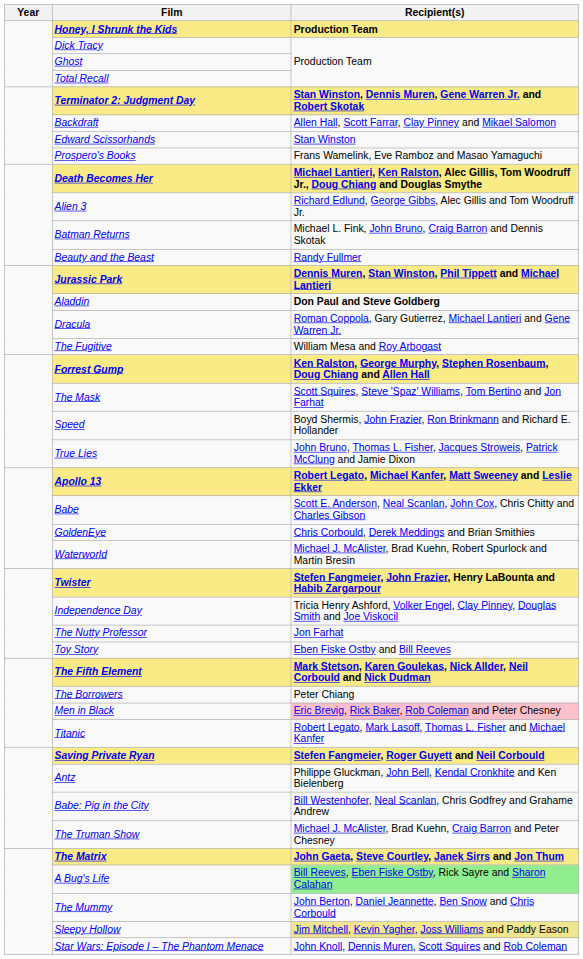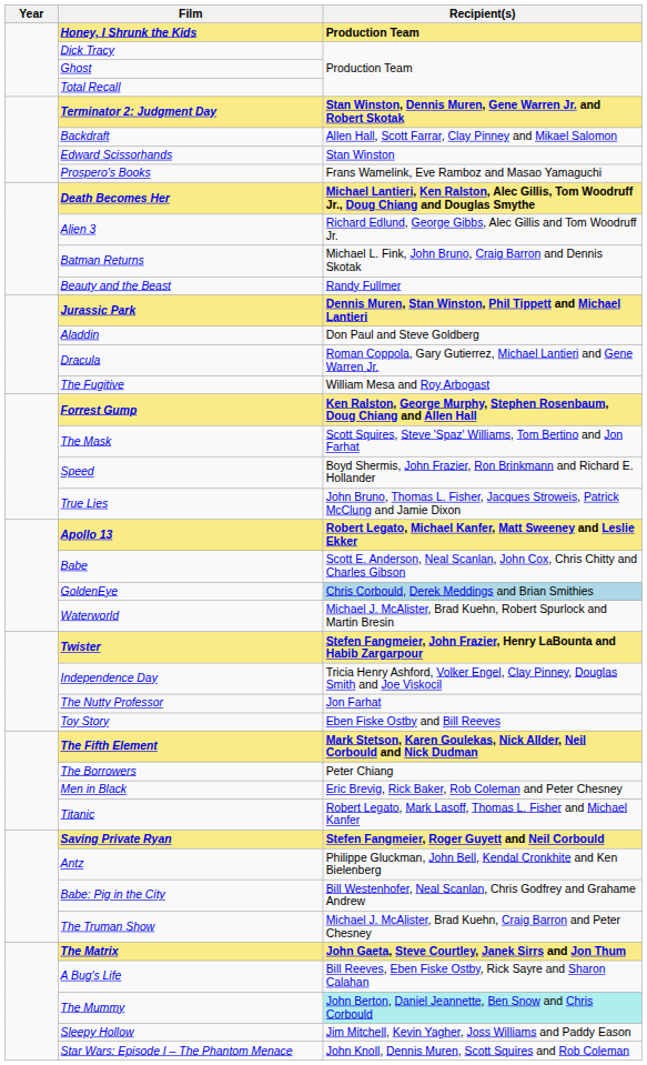 <table class="wikitable" style="width:100%;" cellpadding="5">
 <tr>
 <th style="width:5%;">Year</th>
 <th style="width:25%;">Film</th>
 <th style="width:30%;">Recipient(s)</th>
 </tr>
 <tr>
 <td rowspan="4"></td>
 <td style="background:#FAEB86"><strong><em><a href='#'>Honey, I Shrunk the Kids</a></em></strong></td>
 <td style="background:#FAEB86"><strong>Production Team</strong></td>
 </tr>
 <tr>
 <td><em><a href='#'>Dick Tracy</a></em></td>
 <td rowspan="3">Production Team</td>
 </tr>
 <tr>
 <td><em><a href='#'>Ghost</a></em></td>
 </tr>
 <tr>
 <td><em><a href='#'>Total Recall</a></em></td>
 </tr>
 <tr>
 <td rowspan="4"></td>
 <td style="background:#FAEB86"><strong><em><a href='#'>Terminator 2: Judgment Day</a></em></strong></td>
 <td style="background:#FAEB86"><strong><a href='#'>Stan Winston</a>, <a href='#'>Dennis Muren</a>, <a href='#'>Gene Warren Jr.</a> and <a href='#'>Robert Skotak</a></strong></td>
 </tr>
 <tr>
 <td><em><a href='#'>Backdraft</a></em></td>
 <td><a href='#'>Allen Hall</a>, <a href='#'>Scott Farrar</a>, <a href='#'>Clay Pinney</a> and <a href='#'>Mikael Salomon</a></td>
 </tr>
 <tr>
 <td><em><a href='#'>Edward Scissorhands</a></em></td>
 <td><a href='#'>Stan Winston</a></td>
 </tr>
 <tr>
 <td><em><a href='#'>Prospero's Books</a></em></td>
 <td>Frans Wamelink, Eve Ramboz and Masao Yamaguchi</td>
 </tr>
 <tr>
 <td rowspan="4"></td>
 <td style="background:#FAEB86"><strong><em><a href='#'>Death Becomes Her</a></em></strong></td>
 <td style="background:#FAEB86"><strong><a href='#'>Michael Lantieri</a>, <a href='#'>Ken Ralston</a>, Alec Gillis, Tom Woodruff Jr., <a href='#'>Doug Chiang</a> and Douglas Smythe</strong></td>
 </tr>
 <tr>
 <td><em><a href='#'>Alien 3</a></em></td>
 <td><a href='#'>Richard Edlund</a>, <a href='#'>George Gibbs</a>, Alec Gillis and Tom Woodruff Jr.</td>
 </tr>
 <tr>
 <td><em><a href='#'>Batman Returns</a></em></td>
 <td>Michael L. Fink, <a href='#'>John Bruno</a>, <a href='#'>Craig Barron</a> and Dennis Skotak</td>
 </tr>
 <tr>
 <td><em><a href='#'>Beauty and the Beast</a></em></td>
 <td><a href='#'>Randy Fullmer</a></td>
 </tr>
 <tr>
 <td rowspan="4"></td>
 <td style="background:#FAEB86"><strong><em><a href='#'>Jurassic Park</a></em></strong></td>
 <td style="background:#FAEB86"><strong><a href='#'>Dennis Muren</a>, <a href='#'>Stan Winston</a>, <a href='#'>Phil Tippett</a> and <a href='#'>Michael Lantieri</a></strong></td>
 </tr>
 <tr>
 <td><em><a href='#'>Aladdin</a></em></td>
-<td><strong>Don Paul and Steve Goldberg</strong></td>
+<td>Don Paul and Steve Goldberg</td>
 </tr>
 <tr>
 <td><em><a href='#'>Dracula</a></em></td>
 <td><a href='#'>Roman Coppola</a>, Gary Gutierrez, <a href='#'>Michael Lantieri</a> and <a href='#'>Gene Warren Jr.</a></td>
 </tr>
 <tr>
 <td><em><a href='#'>The Fugitive</a></em></td>
 <td>William Mesa and <a href='#'>Roy Arbogast</a></td>
 </tr>
 <tr>
 <td rowspan="4"></td>
 <td style="background:#FAEB86"><strong><em><a href='#'>Forrest Gump</a></em></strong></td>
 <td style="background:#FAEB86"><strong><a href='#'>Ken Ralston</a>, <a href='#'>George Murphy</a>, <a href='#'>Stephen Rosenbaum</a>, <a href='#'>Doug Chiang</a> and <a href='#'>Allen Hall</a></strong></td>
 </tr>
 <tr>
 <td><em><a href='#'>The Mask</a></em></td>
 <td><a href='#'>Scott Squires</a>, <a href='#'>Steve 'Spaz' Williams</a>, <a href='#'>Tom Bertino</a> and <a href='#'>Jon Farhat</a></td>
 </tr>
 <tr>
 <td><em><a href='#'>Speed</a></em></td>
 <td>Boyd Shermis, <a href='#'>John Frazier</a>, <a href='#'>Ron Brinkmann</a> and Richard E. Hollander</td>
 </tr>
 <tr>
 <td><em><a href='#'>True Lies</a></em></td>
 <td><a href='#'>John Bruno</a>, <a href='#'>Thomas L. Fisher</a>, <a href='#'>Jacques Stroweis</a>, <a href='#'>Patrick McClung</a> and Jamie Dixon</td>
 </tr>
 <tr>
 <td rowspan="4"></td>
 <td style="background:#FAEB86"><strong><em><a href='#'>Apollo 13</a></em></strong></td>
 <td style="background:#FAEB86"><strong><a href='#'>Robert Legato</a>, <a href='#'>Michael Kanfer</a>, <a href='#'>Matt Sweeney</a> and <a href='#'>Leslie Ekker</a></strong></td>
 </tr>
 <tr>
 <td><em><a href='#'>Babe</a></em></td>
 <td><a href='#'>Scott E. Anderson</a>, <a href='#'>Neal Scanlan</a>, <a href='#'>John Cox</a>, Chris Chitty and <a href='#'>Charles Gibson</a></td>
 </tr>
 <tr>
 <td><em><a href='#'>GoldenEye</a></em></td>
-<td><a href='#'>Chris Corbould</a>, <a href='#'>Derek Meddings</a> and Brian Smithies</td>
+<td style="background: lightblue;"><a href='#'>Chris Corbould</a>, <a href='#'>Derek Meddings</a> and Brian Smithies</td>
 </tr>
 <tr>
 <td><em><a href='#'>Waterworld</a></em></td>
 <td><a href='#'>Michael J. McAlister</a>, Brad Kuehn, Robert Spurlock and Martin Bresin</td>
 </tr>
 <tr>
 <td rowspan="4"></td>
 <td style="background:#FAEB86"><strong><em><a href='#'>Twister</a></em></strong></td>
 <td style="background:#FAEB86"><strong><a href='#'>Stefen Fangmeier</a>, <a href='#'>John Frazier</a>, Henry LaBounta and <a href='#'>Habib Zargarpour</a></strong></td>
 </tr>
 <tr>
 <td><em><a href='#'>Independence Day</a></em></td>
 <td>Tricia Henry Ashford, <a href='#'>Volker Engel</a>, <a href='#'>Clay Pinney</a>, <a href='#'>Douglas Smith</a> and <a href='#'>Joe Viskocil</a></td>
 </tr>
 <tr>
 <td><em><a href='#'>The Nutty Professor</a></em></td>
 <td><a href='#'>Jon Farhat</a></td>
 </tr>
 <tr>
 <td><em><a href='#'>Toy Story</a></em></td>
 <td><a href='#'>Eben Fiske Ostby</a> and <a href='#'>Bill Reeves</a></td>
 </tr>
 <tr>
 <td rowspan="4"></td>
 <td style="background:#FAEB86"><strong><em><a href='#'>The Fifth Element</a></em></strong></td>
 <td style="background:#FAEB86"><strong><a href='#'>Mark Stetson</a>, <a href='#'>Karen Goulekas</a>, <a href='#'>Nick Allder</a>, <a href='#'>Neil Corbould</a> and <a href='#'>Nick Dudman</a></strong></td>
 </tr>
 <tr>
 <td><em><a href='#'>The Borrowers</a></em></td>
 <td>Peter Chiang</td>
 </tr>
 <tr>
 <td><em><a href='#'>Men in Black</a></em></td>
-<td style="background: pink;"><a href='#'>Eric Brevig</a>, <a href='#'>Rick Baker</a>, <a href='#'>Rob Coleman</a> and Peter Chesney</td>
+<td><a href='#'>Eric Brevig</a>, <a href='#'>Rick Baker</a>, <a href='#'>Rob Coleman</a> and Peter Chesney</td>
 </tr>
 <tr>
 <td><em><a href='#'>Titanic</a></em></td>
 <td><a href='#'>Robert Legato</a>, <a href='#'>Mark Lasoff</a>, <a href='#'>Thomas L. Fisher</a> and <a href='#'>Michael Kanfer</a></td>
 </tr>
 <tr>
 <td rowspan="4"></td>
 <td style="background:#FAEB86"><strong><em><a href='#'>Saving Private Ryan</a></em></strong></td>
 <td style="background:#FAEB86"><strong><a href='#'>Stefen Fangmeier</a>, <a href='#'>Roger Guyett</a> and <a href='#'>Neil Corbould</a></strong></td>
 </tr>
 <tr>
 <td><em><a href='#'>Antz</a></em></td>
 <td>Philippe Gluckman, <a href='#'>John Bell</a>, <a href='#'>Kendal Cronkhite</a> and Ken Bielenberg</td>
 </tr>
 <tr>
 <td><em><a href='#'>Babe: Pig in the City</a></em></td>
 <td><a href='#'>Bill Westenhofer</a>, <a href='#'>Neal Scanlan</a>, Chris Godfrey and Grahame Andrew</td>
 </tr>
 <tr>
 <td><em><a href='#'>The Truman Show</a></em></td>
 <td><a href='#'>Michael J. McAlister</a>, Brad Kuehn, <a href='#'>Craig Barron</a> and Peter Chesney</td>
 </tr>
 <tr>
 <td rowspan="5"></td>
 <td style="background:#FAEB86"><strong><em><a href='#'>The Matrix</a></em></strong></td>
 <td style="background:#FAEB86"><strong><a href='#'>John Gaeta</a>, <a href='#'>Steve Courtley</a>, <a href='#'>Janek Sirrs</a> and <a href='#'>Jon Thum</a></strong></td>
 </tr>
 <tr>
 <td><em><a href='#'>A Bug's Life</a></em></td>
-<td style="background: lightgreen;"><a href='#'>Bill Reeves</a>, <a href='#'>Eben Fiske Ostby</a>, Rick Sayre and <a href='#'>Sharon Calahan</a></td>
+<td><a href='#'>Bill Reeves</a>, <a href='#'>Eben Fiske Ostby</a>, Rick Sayre and <a href='#'>Sharon Calahan</a></td>
 </tr>
 <tr>
 <td><em><a href='#'>The Mummy</a></em></td>
-<td><a href='#'>John Berton</a>, <a href='#'>Daniel Jeannette</a>, <a href='#'>Ben Snow</a> and <a href='#'>Chris Corbould</a></td>
+<td style="background: paleturquoise;"><a href='#'>John Berton</a>, <a href='#'>Daniel Jeannette</a>, <a href='#'>Ben Snow</a> and <a href='#'>Chris Corbould</a></td>
 </tr>
 <tr>
 <td><em><a href='#'>Sleepy Hollow</a></em></td>
-<td style="background: khaki;"><a href='#'>Jim Mitchell</a>, <a href='#'>Kevin Yagher</a>, <a href='#'>Joss Williams</a> and Paddy Eason</td>
+<td><a href='#'>Jim Mitchell</a>, <a href='#'>Kevin Yagher</a>, <a href='#'>Joss Williams</a> and Paddy Eason</td>
 </tr>
 <tr>
 <td><em><a href='#'>Star Wars: Episode I – The Phantom Menace</a></em></td>
 <td><a href='#'>John Knoll</a>, <a href='#'>Dennis Muren</a>, <a href='#'>Scott Squires</a> and <a href='#'>Rob Coleman</a></td>
 </tr>
 </table>
